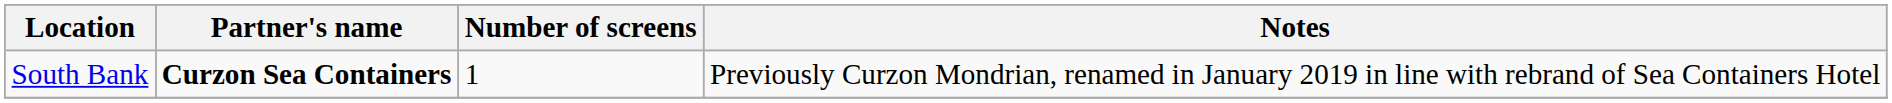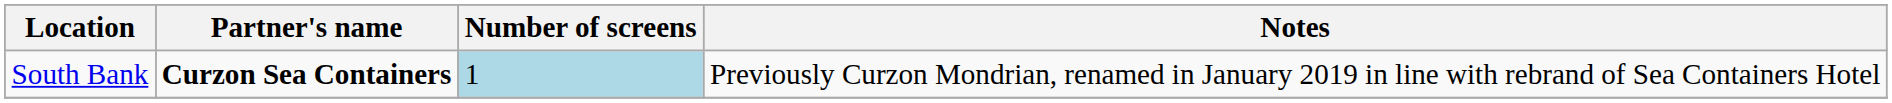 <table class="sortable wikitable" border="1">
 <tr>
 <th>Location</th>
 <th>Partner's name</th>
 <th>Number of screens</th>
 <th>Notes</th>
 </tr>
 <tr>
 <td><a href='#'>South Bank</a></td>
 <td><strong>Curzon Sea Containers</strong></td>
-<td>1</td>
+<td style="background: lightblue;">1</td>
 <td>Previously Curzon Mondrian, renamed in January 2019 in line with rebrand of Sea Containers Hotel</td>
 </tr>
 <tr>
 </tr>
 </table>
